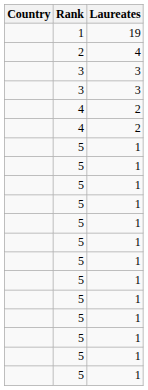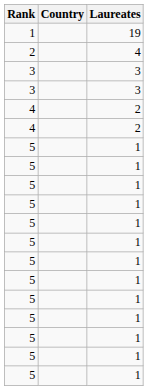 <table class="wikitable sortable" style="text-align: right">
 <tr>
+<th>Rank</th>
 <th>Country</th>
-<th>Rank</th>
 <th>Laureates</th>
 </tr>
 <tr>
+<td>1</td>
 <td style="text-align:left;"></td>
-<td>1</td>
 <td>19</td>
 </tr>
 <tr>
+<td>2</td>
 <td style="text-align:left;"></td>
-<td>2</td>
 <td>4</td>
 </tr>
 <tr>
+<td>3</td>
 <td style="text-align:left;"></td>
-<td>3</td>
 <td>3</td>
 </tr>
 <tr>
+<td>3</td>
 <td style="text-align:left;"></td>
-<td>3</td>
 <td>3</td>
 </tr>
 <tr>
+<td>4</td>
 <td style="text-align:left;"></td>
-<td>4</td>
 <td>2</td>
 </tr>
 <tr>
+<td>4</td>
 <td style="text-align:left;"></td>
-<td>4</td>
 <td>2</td>
 </tr>
 <tr>
+<td>5</td>
 <td style="text-align:left;"></td>
-<td>5</td>
 <td>1</td>
 </tr>
 <tr>
+<td>5</td>
 <td style="text-align:left;"></td>
-<td>5</td>
 <td>1</td>
 </tr>
 <tr>
+<td>5</td>
 <td style="text-align:left;"></td>
-<td>5</td>
 <td>1</td>
 </tr>
 <tr>
+<td>5</td>
 <td style="text-align:left;"></td>
-<td>5</td>
 <td>1</td>
 </tr>
 <tr>
+<td>5</td>
 <td style="text-align:left;"></td>
-<td>5</td>
 <td>1</td>
 </tr>
 <tr>
+<td>5</td>
 <td style="text-align:left;"></td>
-<td>5</td>
 <td>1</td>
 </tr>
 <tr>
+<td>5</td>
 <td style="text-align:left;"></td>
-<td>5</td>
 <td>1</td>
 </tr>
 <tr>
+<td>5</td>
 <td style="text-align:left;"></td>
-<td>5</td>
 <td>1</td>
 </tr>
 <tr>
+<td>5</td>
 <td style="text-align:left;"></td>
-<td>5</td>
 <td>1</td>
 </tr>
 <tr>
+<td>5</td>
 <td style="text-align:left;"></td>
-<td>5</td>
 <td>1</td>
 </tr>
 <tr>
+<td>5</td>
 <td style="text-align:left;"></td>
-<td>5</td>
 <td>1</td>
 </tr>
 <tr>
+<td>5</td>
 <td style="text-align:left;"></td>
-<td>5</td>
 <td>1</td>
 </tr>
 <tr>
+<td>5</td>
 <td style="text-align:left;"></td>
-<td>5</td>
 <td>1</td>
 </tr>
 </table>
